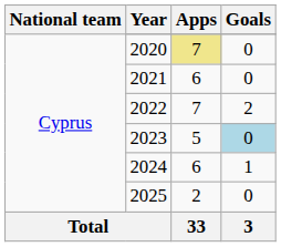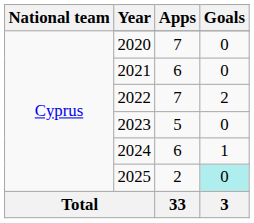 <table class="wikitable" style="text-align: center;">
 <tr>
 <th>National team</th>
 <th>Year</th>
 <th>Apps</th>
 <th>Goals</th>
 </tr>
 <tr>
 <td rowspan="7"><a href='#'>Cyprus</a></td>
 </tr>
 <tr>
 <td>2020</td>
-<td style="background: khaki;">7</td>
+<td>7</td>
 <td>0</td>
 </tr>
 <tr>
 <td>2021</td>
 <td>6</td>
 <td>0</td>
 </tr>
 <tr>
 <td>2022</td>
 <td>7</td>
 <td>2</td>
 </tr>
 <tr>
 <td>2023</td>
 <td>5</td>
-<td style="background: lightblue;">0</td>
+<td>0</td>
 </tr>
 <tr>
 <td>2024</td>
 <td>6</td>
 <td>1</td>
 </tr>
 <tr>
 <td>2025</td>
 <td>2</td>
-<td>0</td>
+<td style="background: paleturquoise;">0</td>
 </tr>
 <tr>
 <th colspan=2>Total</th>
 <th>33</th>
 <th>3</th>
 </tr>
 </table>
